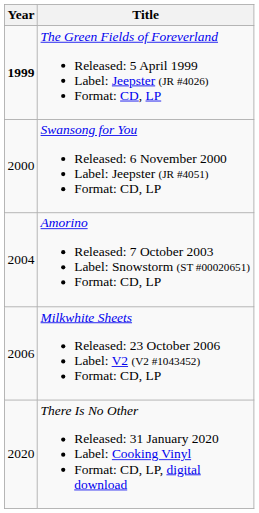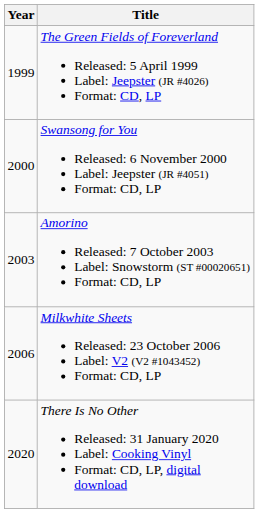 <table class="wikitable">
 <tr>
 <th>Year</th>
 <th style="width:250px;">Title</th>
 </tr>
 <tr>
-<td><strong>1999</strong></td>
+<td>1999</td>
 <td><em><a href='#'>The Green Fields of Foreverland</a></em><br><ul><li>Released: 5 April 1999</li><li>Label: <a href='#'>Jeepster</a> <small>(JR #4026)</small></li><li>Format: <a href='#'>CD</a>, <a href='#'>LP</a></li></ul></td>
 </tr>
 <tr>
 <td>2000</td>
 <td><em><a href='#'>Swansong for You</a></em><br><ul><li>Released: 6 November 2000</li><li>Label: Jeepster <small>(JR #4051)</small></li><li>Format: CD, LP</li></ul></td>
 </tr>
 <tr>
-<td>2004</td>
+<td>2003</td>
 <td><em><a href='#'>Amorino</a></em><br><ul><li>Released: 7 October 2003</li><li>Label: Snowstorm <small>(ST #00020651)</small></li><li>Format: CD, LP</li></ul></td>
 </tr>
 <tr>
 <td>2006</td>
 <td><em><a href='#'>Milkwhite Sheets</a></em><br><ul><li>Released: 23 October 2006</li><li>Label: <a href='#'>V2</a> <small>(V2 #1043452)</small></li><li>Format: CD, LP</li></ul></td>
 </tr>
 <tr>
 <td>2020</td>
 <td><em>There Is No Other</em><br><ul><li>Released: 31 January 2020</li><li>Label: <a href='#'>Cooking Vinyl</a></li><li>Format: CD, LP, <a href='#'>digital download</a></li></ul></td>
 </tr>
 </table>
